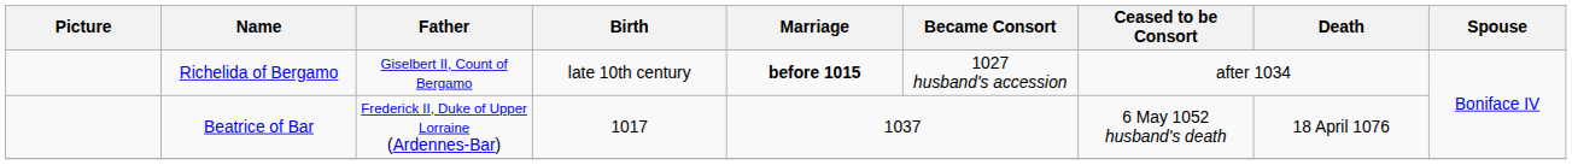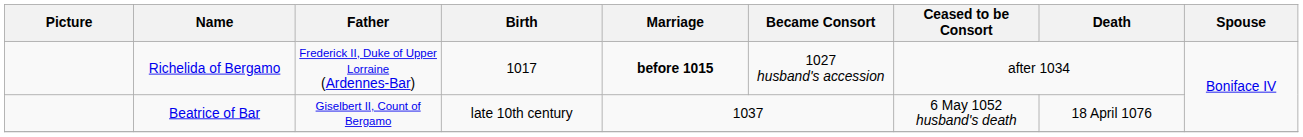 <table width=95% class="wikitable">
 <tr>
 <th width = "8%">Picture</th>
 <th width = "10%">Name</th>
 <th width = "9%">Father</th>
 <th width = "10%">Birth</th>
 <th width = "9%">Marriage</th>
 <th width = "9%">Became Consort</th>
 <th width = "9%">Ceased to be Consort</th>
 <th width = "9%">Death</th>
 <th width = "7%">Spouse</th>
 </tr>
 <tr>
 <td align=center></td>
 <td align=center><a href='#'>Richelida of Bergamo</a></td>
-<td style="text-align:center;"><small><a href='#'>Giselbert II, Count of Bergamo</a></small></td>
-<td style="text-align:center;">late 10th century</td>
+<td style="text-align:center;"><small><a href='#'>Frederick II, Duke of Upper Lorraine</a></small><br>(<a href='#'>Ardennes-Bar</a>)</td>
+<td style="text-align:center;">1017</td>
 <td style="text-align:center;"><strong>before 1015</strong></td>
 <td style="text-align:center;">1027 <br><em>husband's accession</em></td>
 <td style="text-align:center;" colspan="2">after 1034</td>
 <td style="text-align:center;" rowspan="2"><a href='#'>Boniface IV</a></td>
 </tr>
 <tr>
 <td align=center></td>
 <td align=center><a href='#'>Beatrice of Bar</a></td>
-<td style="text-align:center;"><small><a href='#'>Frederick II, Duke of Upper Lorraine</a></small><br>(<a href='#'>Ardennes-Bar</a>)</td>
-<td style="text-align:center;">1017</td>
+<td style="text-align:center;"><small><a href='#'>Giselbert II, Count of Bergamo</a></small></td>
+<td style="text-align:center;">late 10th century</td>
 <td style="text-align:center;" colspan="2">1037</td>
 <td style="text-align:center;">6 May 1052<br><em>husband's death</em></td>
 <td style="text-align:center;">18 April 1076</td>
 </tr>
 <tr>
 </tr>
 </table>
